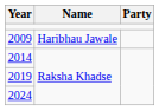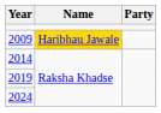 <table class="wikitable">
 <tr>
 <th>Year</th>
 <th>Name</th>
 <th colspan="2">Party</th>
 </tr>
 <tr>
 <td colspan="4"></td>
 </tr>
 <tr>
 <td><a href='#'>2009</a></td>
-<td><a href='#'>Haribhau Jawale</a></td>
+<td style="background: gold;"><a href='#'>Haribhau Jawale</a></td>
 <td></td>
 </tr>
 <tr>
 <td><a href='#'>2014</a></td>
 <td rowspan="3"><a href='#'>Raksha Khadse</a></td>
 </tr>
 <tr>
 <td><a href='#'>2019</a></td>
 </tr>
 <tr>
 <td><a href='#'>2024</a></td>
 </tr>
 </table>
